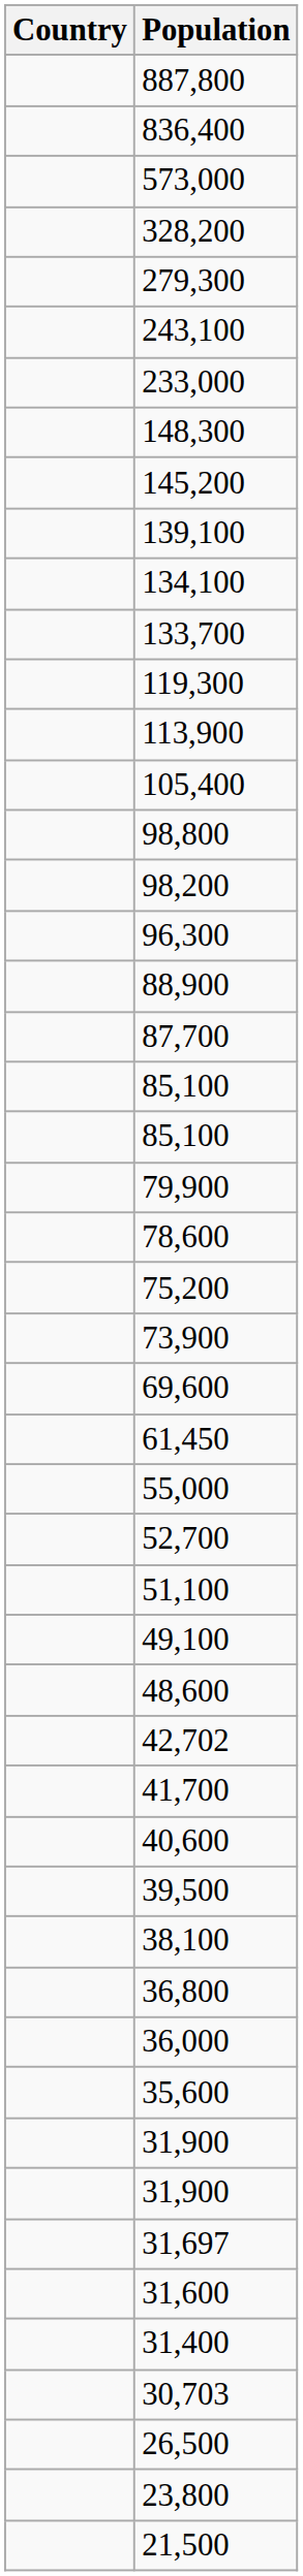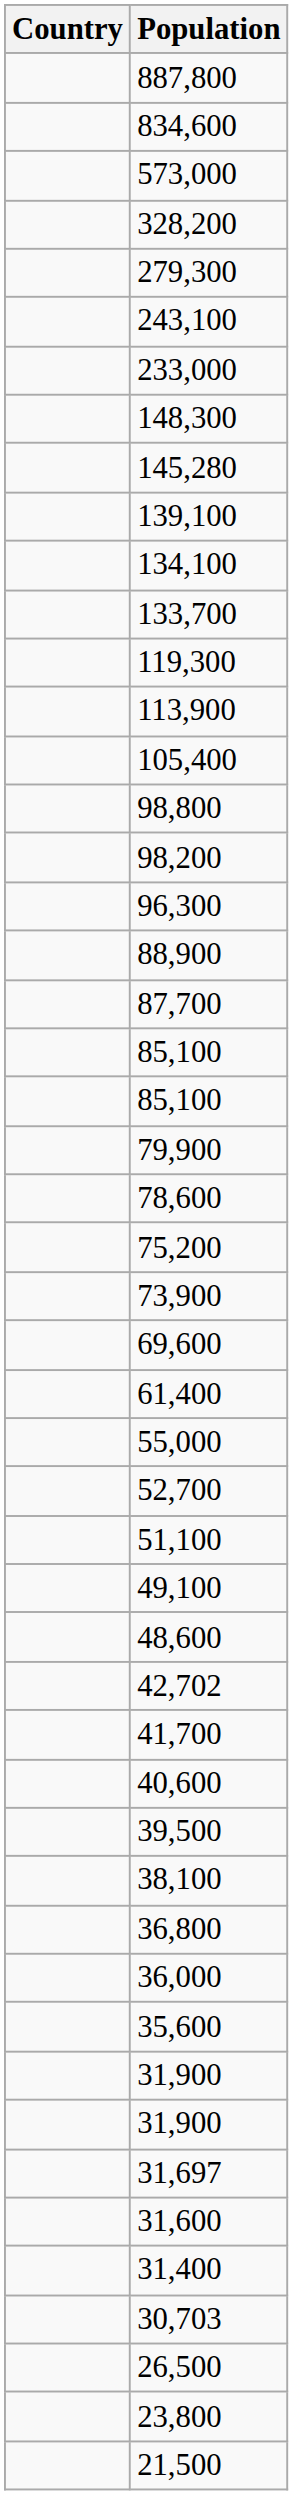 <table class="wikitable sortable mw-collapsible mw-collapsed">
 <tr>
 <th>Country</th>
 <th>Population</th>
 </tr>
 <tr>
 <td></td>
 <td>887,800</td>
 </tr>
 <tr>
 <td></td>
-<td>836,400</td>
+<td>834,600</td>
 </tr>
 <tr>
 <td></td>
 <td>573,000</td>
 </tr>
 <tr>
 <td></td>
 <td>328,200</td>
 </tr>
 <tr>
 <td></td>
 <td>279,300</td>
 </tr>
 <tr>
 <td></td>
 <td>243,100</td>
 </tr>
 <tr>
 <td></td>
 <td>233,000</td>
 </tr>
 <tr>
 <td></td>
 <td>148,300</td>
 </tr>
 <tr>
 <td></td>
-<td>145,200</td>
+<td>145,280</td>
 </tr>
 <tr>
 <td></td>
 <td>139,100</td>
 </tr>
 <tr>
 <td></td>
 <td>134,100</td>
 </tr>
 <tr>
 <td></td>
 <td>133,700</td>
 </tr>
 <tr>
 <td></td>
 <td>119,300</td>
 </tr>
 <tr>
 <td></td>
 <td>113,900</td>
 </tr>
 <tr>
 <td></td>
 <td>105,400</td>
 </tr>
 <tr>
 <td></td>
 <td>98,800</td>
 </tr>
 <tr>
 <td></td>
 <td>98,200</td>
 </tr>
 <tr>
 <td></td>
 <td>96,300</td>
 </tr>
 <tr>
 <td></td>
 <td>88,900</td>
 </tr>
 <tr>
 <td></td>
 <td>87,700</td>
 </tr>
 <tr>
 <td></td>
 <td>85,100</td>
 </tr>
 <tr>
 <td></td>
 <td>85,100</td>
 </tr>
 <tr>
 <td></td>
 <td>79,900</td>
 </tr>
 <tr>
 <td></td>
 <td>78,600</td>
 </tr>
 <tr>
 <td></td>
 <td>75,200</td>
 </tr>
 <tr>
 <td></td>
 <td>73,900</td>
 </tr>
 <tr>
 <td></td>
 <td>69,600</td>
 </tr>
 <tr>
 <td></td>
-<td>61,450</td>
+<td>61,400</td>
 </tr>
 <tr>
 <td></td>
 <td>55,000</td>
 </tr>
 <tr>
 <td></td>
 <td>52,700</td>
 </tr>
 <tr>
 <td></td>
 <td>51,100</td>
 </tr>
 <tr>
 <td></td>
 <td>49,100</td>
 </tr>
 <tr>
 <td></td>
 <td>48,600</td>
 </tr>
 <tr>
 <td></td>
 <td>42,702</td>
 </tr>
 <tr>
 <td></td>
 <td>41,700</td>
 </tr>
 <tr>
 <td></td>
 <td>40,600</td>
 </tr>
 <tr>
 <td></td>
 <td>39,500</td>
 </tr>
 <tr>
 <td></td>
 <td>38,100</td>
 </tr>
 <tr>
 <td></td>
 <td>36,800</td>
 </tr>
 <tr>
 <td></td>
 <td>36,000</td>
 </tr>
 <tr>
 <td></td>
 <td>35,600</td>
 </tr>
 <tr>
 <td></td>
 <td>31,900</td>
 </tr>
 <tr>
 <td></td>
 <td>31,900</td>
 </tr>
 <tr>
 <td></td>
 <td>31,697</td>
 </tr>
 <tr>
 <td></td>
 <td>31,600</td>
 </tr>
 <tr>
 <td></td>
 <td>31,400</td>
 </tr>
 <tr>
 <td></td>
 <td>30,703</td>
 </tr>
 <tr>
 <td></td>
 <td>26,500</td>
 </tr>
 <tr>
 <td></td>
 <td>23,800</td>
 </tr>
 <tr>
 <td></td>
 <td>21,500</td>
 </tr>
 </table>
